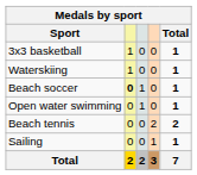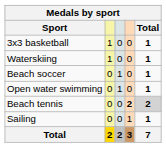 <table class="wikitable" style="text-align:center;font-size:85%;float:right;clear:right;">
 <tr style="background:#efefef;">
 <th colspan=5>Medals by sport</th>
 </tr>
 <tr>
 <th>Sport</th>
 <td bgcolor=#f7f6a8></td>
 <td bgcolor=#dce5e5></td>
 <td bgcolor=#ffdab9></td>
 <th>Total</th>
 </tr>
 <tr>
 <td align=left>3x3 basketball</td>
 <td bgcolor=#f7f6a8>1</td>
 <td bgcolor=#dce5e5>0</td>
 <td bgcolor=#ffdab9>0</td>
 <td><strong>1</strong></td>
 </tr>
 <tr>
 <td align=left>Waterskiing</td>
 <td bgcolor=#f7f6a8>1</td>
 <td bgcolor=#dce5e5>0</td>
 <td bgcolor=#ffdab9>0</td>
 <td><strong>1</strong></td>
 </tr>
 <tr>
 <td align=left>Beach soccer</td>
-<td bgcolor=#f7f6a8><strong>0</strong></td>
+<td bgcolor=#f7f6a8>0</td>
 <td bgcolor=#dce5e5>1</td>
 <td bgcolor=#ffdab9>0</td>
 <td><strong>1</strong></td>
 </tr>
 <tr>
 <td align=left>Open water swimming</td>
 <td bgcolor=#f7f6a8>0</td>
 <td bgcolor=#dce5e5>1</td>
 <td bgcolor=#ffdab9>0</td>
 <td><strong>1</strong></td>
 </tr>
 <tr>
 <td align=left>Beach tennis</td>
 <td bgcolor=#f7f6a8>0</td>
 <td bgcolor=#dce5e5>0</td>
-<td bgcolor=#ffdab9>2</td>
-<td><strong>2</strong></td>
+<td bgcolor=#ffdab9><strong>2</strong></td>
+<td style="background: lightgrey;"><strong>2</strong></td>
 </tr>
 <tr>
 <td align=left>Sailing</td>
 <td bgcolor=#f7f6a8>0</td>
 <td bgcolor=#dce5e5>0</td>
 <td bgcolor=#ffdab9>1</td>
 <td><strong>1</strong></td>
 </tr>
 <tr>
 <th>Total</th>
 <th style="background:gold;">2</th>
 <th style="background:silver;">2</th>
 <th style="background:#c96;">3</th>
 <th>7</th>
 </tr>
 </table>
